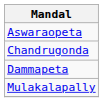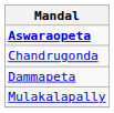 <table class="wikitable sortable static-row-numbers static-row-header-hash">
 <tr>
 <th>Mandal</th>
 </tr>
 <tr>
-<td><a href='#'>Aswaraopeta</a></td>
+<td><strong><a href='#'>Aswaraopeta</a></strong></td>
 </tr>
 <tr>
 <td><a href='#'>Chandrugonda</a></td>
 </tr>
 <tr>
 <td><a href='#'>Dammapeta</a></td>
 </tr>
 <tr>
 <td><a href='#'>Mulakalapally</a></td>
 </tr>
 <tr>
 </tr>
 <tr>
 </tr>
 </table>
